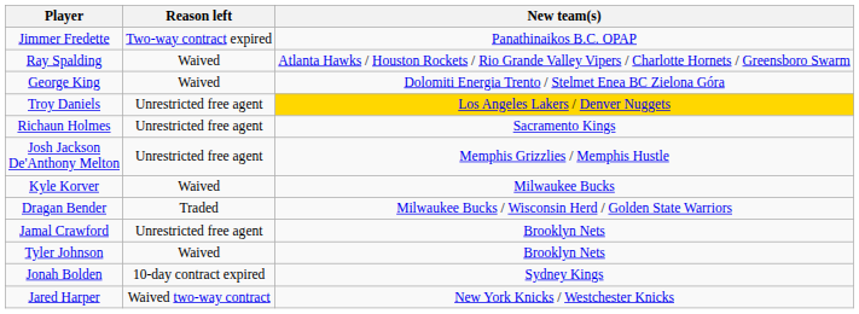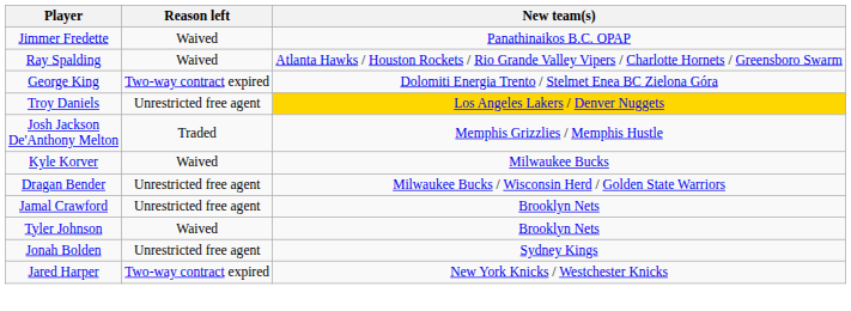 <table class=wikitable sortable sortable">
 <tr>
 <th>Player</th>
 <th>Reason left</th>
 <th>New team(s)</th>
 </tr>
 <tr style="text-align: center">
 <td><a href='#'>Jimmer Fredette</a></td>
-<td><a href='#'>Two-way contract</a> expired</td>
+<td>Waived</td>
 <td> <a href='#'>Panathinaikos B.C. OPAP</a></td>
 </tr>
 <tr style="text-align: center">
 <td><a href='#'>Ray Spalding</a></td>
 <td>Waived</td>
 <td><a href='#'>Atlanta Hawks</a> / <a href='#'>Houston Rockets</a> / <a href='#'>Rio Grande Valley Vipers</a> / <a href='#'>Charlotte Hornets</a> / <a href='#'>Greensboro Swarm</a></td>
 </tr>
 <tr style="text-align: center">
 <td><a href='#'>George King</a></td>
-<td>Waived</td>
+<td><a href='#'>Two-way contract</a> expired</td>
 <td> <a href='#'>Dolomiti Energia Trento</a> /  <a href='#'>Stelmet Enea BC Zielona Góra</a></td>
 </tr>
 <tr style="text-align: center">
 <td><a href='#'>Troy Daniels</a></td>
 <td>Unrestricted free agent</td>
 <td style="background: gold;"><a href='#'>Los Angeles Lakers</a> / <a href='#'>Denver Nuggets</a></td>
 </tr>
 <tr style="text-align: center">
-<td><a href='#'>Richaun Holmes</a></td>
-<td>Unrestricted free agent</td>
-<td><a href='#'>Sacramento Kings</a></td>
-</tr>
-<tr style="text-align: center">
 <td><a href='#'>Josh Jackson</a><br><a href='#'>De'Anthony Melton</a></td>
-<td>Unrestricted free agent</td>
+<td>Traded</td>
 <td><a href='#'>Memphis Grizzlies</a> / <a href='#'>Memphis Hustle</a></td>
 </tr>
 <tr style="text-align: center">
 <td><a href='#'>Kyle Korver</a></td>
 <td>Waived</td>
 <td><a href='#'>Milwaukee Bucks</a></td>
 </tr>
 <tr style="text-align: center">
 <td><a href='#'>Dragan Bender</a></td>
-<td>Traded</td>
+<td>Unrestricted free agent</td>
 <td><a href='#'>Milwaukee Bucks</a> / <a href='#'>Wisconsin Herd</a> / <a href='#'>Golden State Warriors</a></td>
 </tr>
 <tr style="text-align: center">
 <td><a href='#'>Jamal Crawford</a></td>
 <td>Unrestricted free agent</td>
 <td><a href='#'>Brooklyn Nets</a></td>
 </tr>
 <tr style="text-align: center">
 <td><a href='#'>Tyler Johnson</a></td>
 <td>Waived</td>
 <td><a href='#'>Brooklyn Nets</a></td>
 </tr>
 <tr style="text-align: center">
 <td><a href='#'>Jonah Bolden</a></td>
-<td>10-day contract expired</td>
+<td>Unrestricted free agent</td>
 <td> <a href='#'>Sydney Kings</a></td>
 </tr>
 <tr style="text-align: center">
 <td><a href='#'>Jared Harper</a></td>
-<td>Waived <a href='#'>two-way contract</a></td>
+<td><a href='#'>Two-way contract</a> expired</td>
 <td><a href='#'>New York Knicks</a> / <a href='#'>Westchester Knicks</a></td>
 </tr>
 </table>
